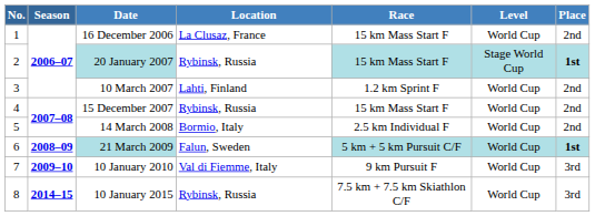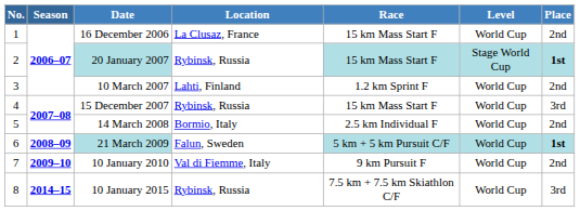 <table class="wikitable sortable" style="font-size:95%; text-align:center; border:grey solid 1px; border-collapse:collapse; background:#ffffff;">
 <tr style="background:#efefef;">
 <th style="background-color:#369; color:white;">No.</th>
 <th style="background-color:#369; color:white;">Season</th>
 <th style="background-color:#4180be; color:white; width:120px;">Date</th>
 <th style="background-color:#4180be; color:white; width:190px;">Location</th>
 <th style="background-color:#4180be; color:white; width:170px;">Race</th>
 <th style="background-color:#4180be; color:white; width:100px;">Level</th>
 <th style="background-color:#4180be; color:white;">Place</th>
 </tr>
 <tr>
 <td align=center>1</td>
 <td rowspan=3 align=center><strong><a href='#'>2006–07</a></strong></td>
 <td align=right>16 December 2006</td>
 <td align=left> <a href='#'>La Clusaz</a>, France</td>
 <td>15 km Mass Start F</td>
 <td>World Cup</td>
 <td>2nd</td>
 </tr>
 <tr>
 <td align=center>2</td>
 <td bgcolor="#BOEOE6" align=right>20 January 2007</td>
 <td align=left> <a href='#'>Rybinsk</a>, Russia</td>
 <td bgcolor="#BOEOE6">15 km Mass Start F</td>
 <td bgcolor="#BOEOE6">Stage World Cup</td>
 <td bgcolor="#BOEOE6"><strong>1st</strong></td>
 </tr>
 <tr>
 <td align=center>3</td>
 <td align=right>10 March 2007</td>
 <td align=left> <a href='#'>Lahti</a>, Finland</td>
 <td>1.2 km Sprint F</td>
 <td>World Cup</td>
 <td>2nd</td>
 </tr>
 <tr>
 <td align=center>4</td>
 <td rowspan=2 align=center><strong><a href='#'>2007–08</a></strong></td>
 <td align=right>15 December 2007</td>
 <td align=left> <a href='#'>Rybinsk</a>, Russia</td>
 <td>15 km Mass Start F</td>
 <td>World Cup</td>
-<td>2nd</td>
+<td>3rd</td>
 </tr>
 <tr>
 <td align=center>5</td>
 <td align=right>14 March 2008</td>
 <td align=left> <a href='#'>Bormio</a>, Italy</td>
 <td>2.5 km Individual F</td>
 <td>World Cup</td>
 <td>2nd</td>
 </tr>
 <tr>
 <td align=center>6</td>
 <td align=center><strong><a href='#'>2008–09</a></strong></td>
 <td bgcolor="#BOEOE6" align=right>21 March 2009</td>
 <td align=left> <a href='#'>Falun</a>, Sweden</td>
 <td bgcolor="#BOEOE6">5 km + 5 km Pursuit C/F</td>
 <td bgcolor="#BOEOE6">World Cup</td>
 <td bgcolor="#BOEOE6"><strong>1st</strong></td>
 </tr>
 <tr>
 <td align=center>7</td>
 <td align=center><strong><a href='#'>2009–10</a></strong></td>
 <td align=right>10 January 2010</td>
 <td align=left> <a href='#'>Val di Fiemme</a>, Italy</td>
 <td>9 km Pursuit F</td>
 <td>World Cup</td>
-<td>3rd</td>
+<td>2nd</td>
 </tr>
 <tr>
 <td align=center>8</td>
 <td align=center><strong><a href='#'>2014–15</a></strong></td>
 <td align=right>10 January 2015</td>
 <td align=left> <a href='#'>Rybinsk</a>, Russia</td>
 <td>7.5 km + 7.5 km Skiathlon C/F</td>
 <td>World Cup</td>
 <td>3rd</td>
 </tr>
 </table>
